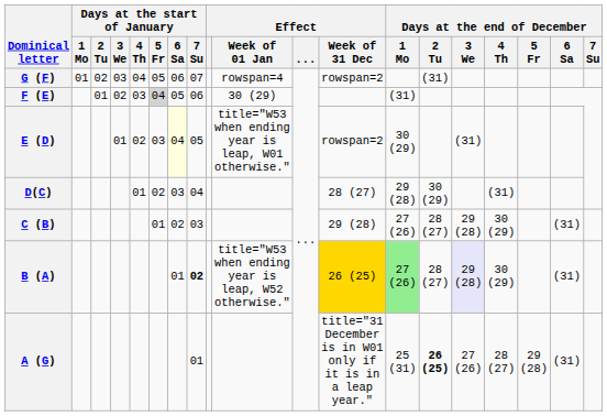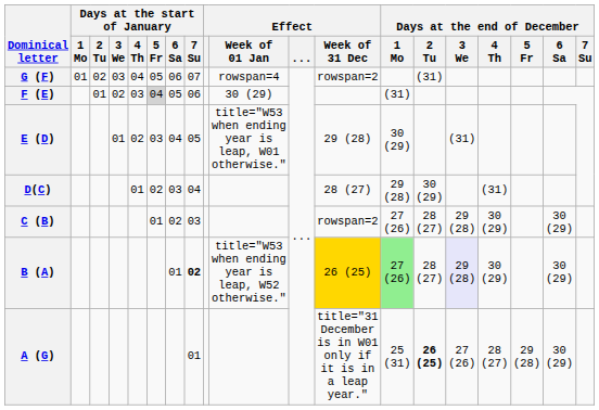 <table class="wikitable">
 <tr valign=bottom>
 <th rowspan=2><a href='#'>Dominical <br>letter</a></th>
 <th colspan=7>Days at the start of January</th>
 <th colspan=4>Effect</th>
 <th colspan=7>Days at the end of December</th>
 </tr>
 <tr valign=bottom>
 <th>1<br>Mo</th>
 <th>2<br>Tu</th>
 <th>3<br>We</th>
 <th>4<br>Th</th>
 <th>5<br>Fr</th>
 <th>6<br>Sa</th>
 <th>7<br>Su</th>
 <th></th>
 <th>Week of<br>01 Jan</th>
 <th>...</th>
 <th>Week of<br>31 Dec</th>
 <th>1<br>Mo</th>
 <th>2<br>Tu</th>
 <th>3<br>We</th>
 <th>4<br>Th</th>
 <th>5<br>Fr</th>
 <th>6<br>Sa</th>
 <th>7<br>Su</th>
 </tr>
 <tr align=center>
 <th><a href='#'>G</a> (<a href='#'>F</a>)</th>
 <td>01</td>
 <td>02</td>
 <td>03</td>
 <td>04</td>
 <td>05</td>
 <td>06</td>
 <td>07</td>
 <td></td>
 <td>rowspan=4 </td>
 <td rowspan=7>...</td>
 <td>rowspan=2 </td>
 <td></td>
 <td> (31)</td>
 <td></td>
 <td></td>
 <td></td>
 <td></td>
 <td></td>
 </tr>
 <tr align=center>
 <th><a href='#'>F</a> (<a href='#'>E</a>)</th>
 <td></td>
 <td>01</td>
 <td>02</td>
 <td>03</td>
 <td style="background: lightgrey;">04</td>
 <td>05</td>
 <td>06</td>
 <td></td>
 <td>30 (29)</td>
 <td></td>
 <td> (31)</td>
 <td></td>
 <td></td>
 <td></td>
 <td></td>
 </tr>
 <tr align=center>
 <th><a href='#'>E</a> (<a href='#'>D</a>)</th>
 <td></td>
 <td></td>
 <td>01</td>
 <td>02</td>
 <td>03</td>
-<td style="background: lightyellow;">04</td>
+<td>04</td>
 <td>05</td>
 <td></td>
 <td>title="W53 when ending year is leap, W01 otherwise." </td>
-<td>rowspan=2 </td>
+<td>29 (28)</td>
 <td>30 (29)</td>
 <td></td>
 <td> (31)</td>
 <td></td>
 <td></td>
 <td></td>
 </tr>
 <tr align=center>
 <th><a href='#'>D</a>(<a href='#'>C</a>)</th>
 <td></td>
 <td></td>
 <td></td>
 <td>01</td>
 <td>02</td>
 <td>03</td>
 <td>04</td>
 <td></td>
 <td></td>
 <td>28 (27)</td>
 <td>29 (28)</td>
 <td>30 (29)</td>
 <td></td>
 <td> (31)</td>
 <td></td>
 <td></td>
 </tr>
 <tr align=center>
 <th><a href='#'>C</a> (<a href='#'>B</a>)</th>
 <td></td>
 <td></td>
 <td></td>
 <td></td>
 <td>01</td>
 <td>02</td>
 <td>03</td>
 <td></td>
 <td></td>
-<td>29 (28)</td>
+<td>rowspan=2 </td>
 <td>27 (26)</td>
 <td>28 (27)</td>
 <td>29 (28)</td>
 <td>30 (29)</td>
 <td></td>
-<td> (31)</td>
+<td>30 (29)</td>
 <td></td>
 </tr>
 <tr align=center>
 <th><a href='#'>B</a> (<a href='#'>A</a>)</th>
 <td></td>
 <td></td>
 <td></td>
 <td></td>
 <td></td>
 <td>01</td>
 <td><strong>02</strong></td>
 <td></td>
 <td>title="W53 when ending year is leap, W52 otherwise." </td>
 <td style="background: gold;">26 (25)</td>
 <td style="background: lightgreen;">27 (26)</td>
 <td>28 (27)</td>
 <td style="background: lavender;">29 (28)</td>
 <td>30 (29)</td>
 <td></td>
-<td> (31)</td>
+<td>30 (29)</td>
 </tr>
 <tr align=center>
 <th><a href='#'>A</a> (<a href='#'>G</a>)</th>
 <td></td>
 <td></td>
 <td></td>
 <td></td>
 <td></td>
 <td></td>
 <td>01</td>
 <td></td>
 <td></td>
 <td>title="31 December is in W01 only if it is in a leap year." </td>
 <td>25 (31)</td>
 <td><strong>26 (25)</strong></td>
 <td>27 (26)</td>
 <td>28 (27)</td>
 <td>29 (28)</td>
-<td> (31)</td>
+<td>30 (29)</td>
 <td></td>
 </tr>
 </table>
